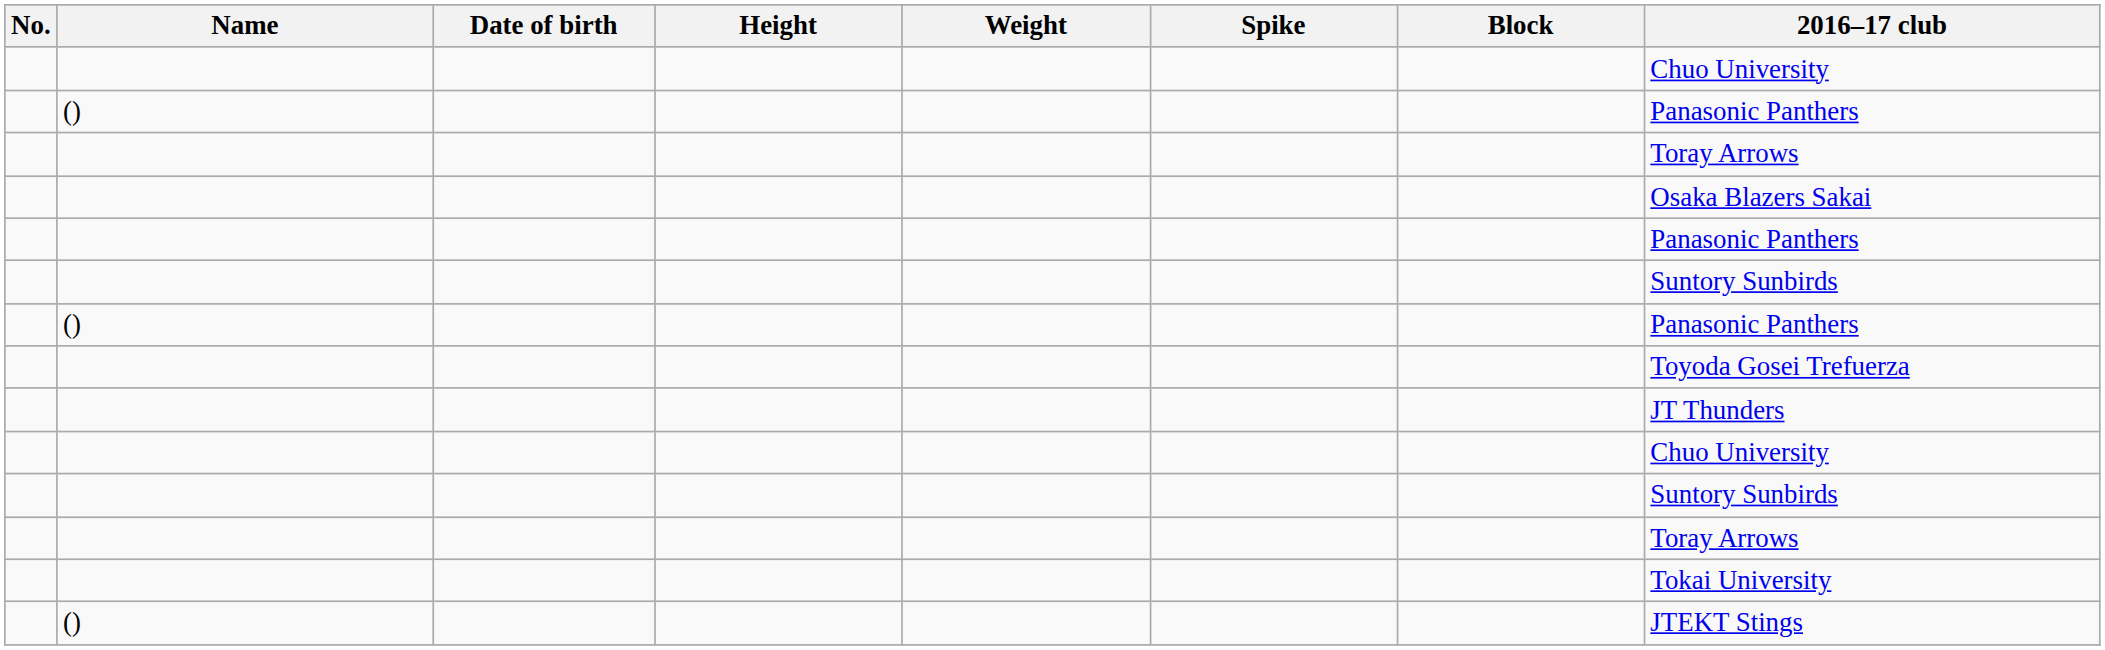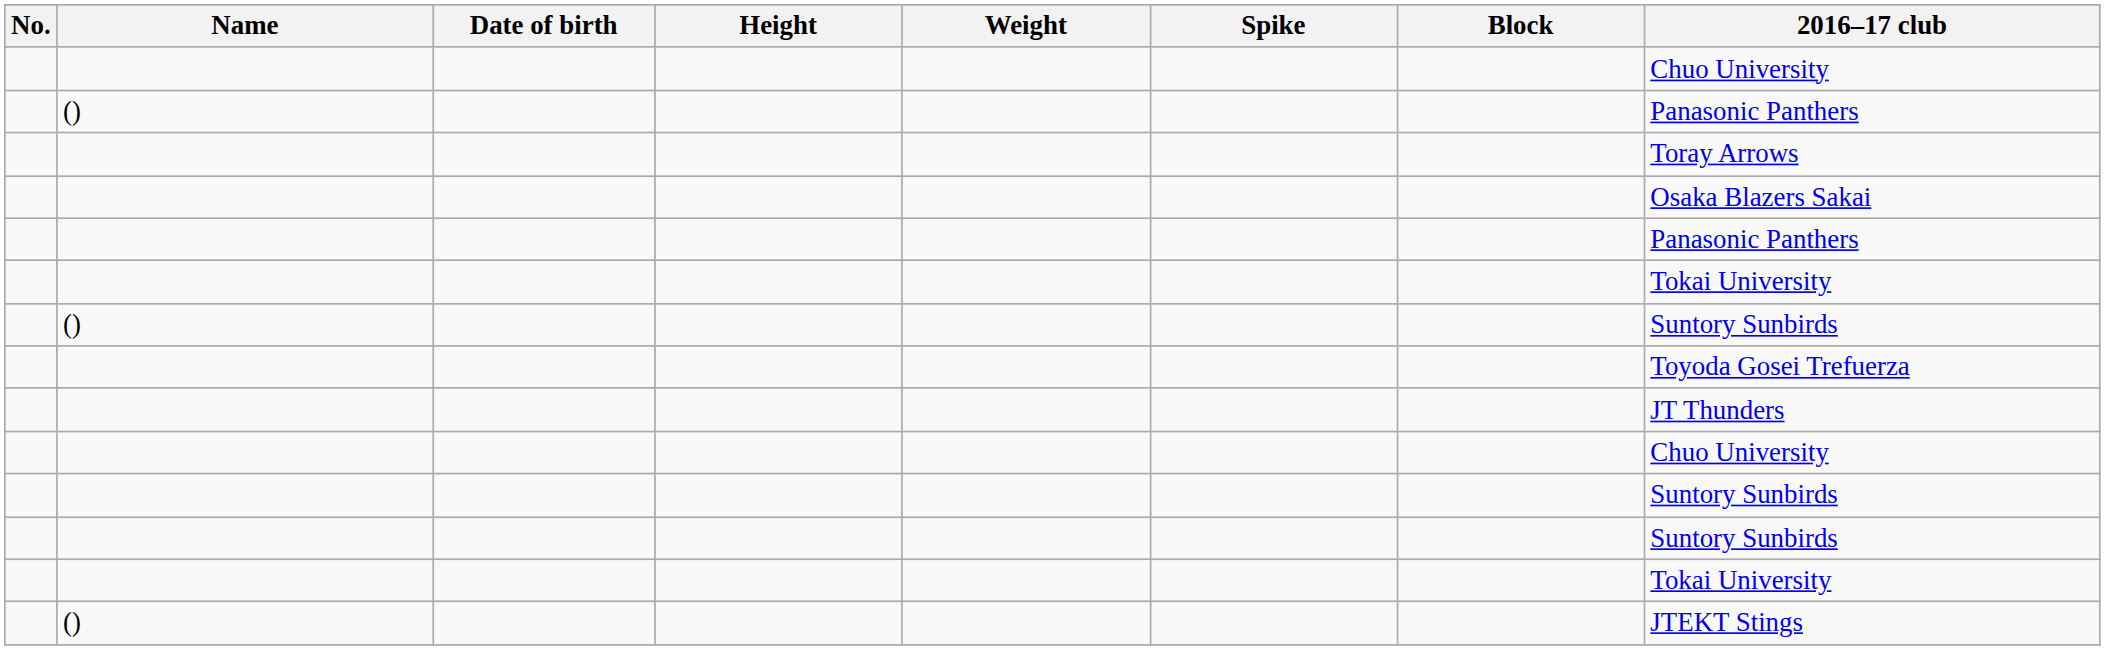 <table class="wikitable sortable" style="font-size:100%; text-align:center;">
 <tr>
 <th>No.</th>
 <th style="width:14em">Name</th>
 <th style="width:8em">Date of birth</th>
 <th style="width:9em">Height</th>
 <th style="width:9em">Weight</th>
 <th style="width:9em">Spike</th>
 <th style="width:9em">Block</th>
 <th style="width:17em">2016–17 club</th>
 </tr>
 <tr>
 <td></td>
 <td style="text-align:left;"></td>
 <td style="text-align:right;"></td>
 <td></td>
 <td></td>
 <td></td>
 <td></td>
 <td style="text-align:left;"> <a href='#'>Chuo University</a></td>
 </tr>
 <tr>
 <td></td>
 <td style="text-align:left;"> ()</td>
 <td style="text-align:right;"></td>
 <td></td>
 <td></td>
 <td></td>
 <td></td>
 <td style="text-align:left;"> <a href='#'>Panasonic Panthers</a></td>
 </tr>
 <tr>
 <td></td>
 <td style="text-align:left;"></td>
 <td style="text-align:right;"></td>
 <td></td>
 <td></td>
 <td></td>
 <td></td>
 <td style="text-align:left;"> <a href='#'>Toray Arrows</a></td>
 </tr>
 <tr>
 <td></td>
 <td style="text-align:left;"></td>
 <td style="text-align:right;"></td>
 <td></td>
 <td></td>
 <td></td>
 <td></td>
 <td style="text-align:left;"> <a href='#'>Osaka Blazers Sakai</a></td>
 </tr>
 <tr>
 <td></td>
 <td style="text-align:left;"></td>
 <td style="text-align:right;"></td>
 <td></td>
 <td></td>
 <td></td>
 <td></td>
 <td style="text-align:left;"> <a href='#'>Panasonic Panthers</a></td>
 </tr>
 <tr>
 <td></td>
 <td style="text-align:left;"></td>
 <td style="text-align:right;"></td>
 <td></td>
 <td></td>
 <td></td>
 <td></td>
-<td style="text-align:left;"> <a href='#'>Suntory Sunbirds</a></td>
+<td style="text-align:left;"> <a href='#'>Tokai University</a></td>
 </tr>
 <tr>
 <td></td>
 <td style="text-align:left;"> ()</td>
 <td style="text-align:right;"></td>
 <td></td>
 <td></td>
 <td></td>
 <td></td>
-<td style="text-align:left;"> <a href='#'>Panasonic Panthers</a></td>
+<td style="text-align:left;"> <a href='#'>Suntory Sunbirds</a></td>
 </tr>
 <tr>
 <td></td>
 <td style="text-align:left;"></td>
 <td style="text-align:right;"></td>
 <td></td>
 <td></td>
 <td></td>
 <td></td>
 <td style="text-align:left;"> <a href='#'>Toyoda Gosei Trefuerza</a></td>
 </tr>
 <tr>
 <td></td>
 <td style="text-align:left;"></td>
 <td style="text-align:right;"></td>
 <td></td>
 <td></td>
 <td></td>
 <td></td>
 <td style="text-align:left;"> <a href='#'>JT Thunders</a></td>
 </tr>
 <tr>
 <td></td>
 <td style="text-align:left;"></td>
 <td style="text-align:right;"></td>
 <td></td>
 <td></td>
 <td></td>
 <td></td>
 <td style="text-align:left;"> <a href='#'>Chuo University</a></td>
 </tr>
 <tr>
 <td></td>
 <td style="text-align:left;"></td>
 <td style="text-align:right;"></td>
 <td></td>
 <td></td>
 <td></td>
 <td></td>
 <td style="text-align:left;"> <a href='#'>Suntory Sunbirds</a></td>
 </tr>
 <tr>
 <td></td>
 <td style="text-align:left;"></td>
 <td style="text-align:right;"></td>
 <td></td>
 <td></td>
 <td></td>
 <td></td>
-<td style="text-align:left;"> <a href='#'>Toray Arrows</a></td>
+<td style="text-align:left;"> <a href='#'>Suntory Sunbirds</a></td>
 </tr>
 <tr>
 <td></td>
 <td style="text-align:left;"></td>
 <td style="text-align:right;"></td>
 <td></td>
 <td></td>
 <td></td>
 <td></td>
 <td style="text-align:left;"> <a href='#'>Tokai University</a></td>
 </tr>
 <tr>
 <td></td>
 <td style="text-align:left;"> ()</td>
 <td style="text-align:right;"></td>
 <td></td>
 <td></td>
 <td></td>
 <td></td>
 <td style="text-align:left;"> <a href='#'>JTEKT Stings</a></td>
 </tr>
 </table>
